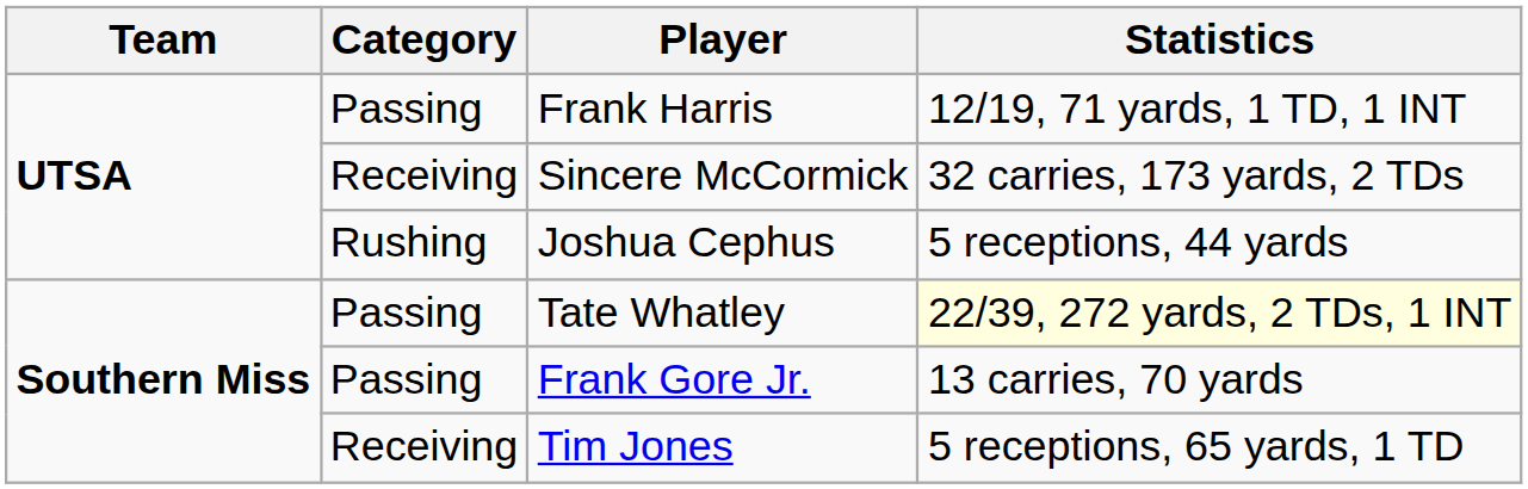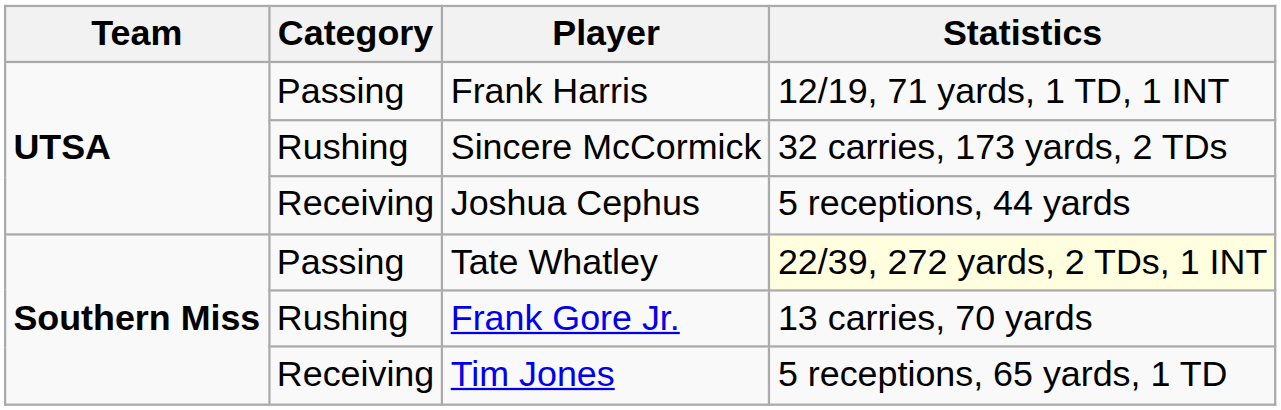 <table class="wikitable" style="float: left;">
 <tr>
 <th>Team</th>
 <th>Category</th>
 <th>Player</th>
 <th>Statistics</th>
 </tr>
 <tr>
 <td rowspan=3><strong>UTSA</strong></td>
 <td>Passing</td>
 <td>Frank Harris</td>
 <td>12/19, 71 yards, 1 TD, 1 INT</td>
 </tr>
 <tr>
-<td>Receiving</td>
+<td>Rushing</td>
 <td>Sincere McCormick</td>
 <td>32 carries, 173 yards, 2 TDs</td>
 </tr>
 <tr>
-<td>Rushing</td>
+<td>Receiving</td>
 <td>Joshua Cephus</td>
 <td>5 receptions, 44 yards</td>
 </tr>
 <tr>
 <td rowspan=3><strong>Southern Miss</strong></td>
 <td>Passing</td>
 <td>Tate Whatley</td>
 <td style="background: lightyellow;">22/39, 272 yards, 2 TDs, 1 INT</td>
 </tr>
 <tr>
-<td>Passing</td>
+<td>Rushing</td>
 <td><a href='#'>Frank Gore Jr.</a></td>
 <td>13 carries, 70 yards</td>
 </tr>
 <tr>
 <td>Receiving</td>
 <td><a href='#'>Tim Jones</a></td>
 <td>5 receptions, 65 yards, 1 TD</td>
 </tr>
 </table>
